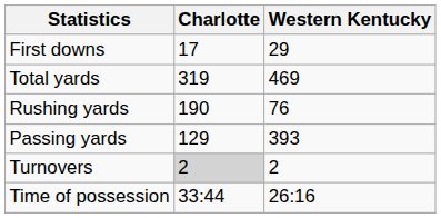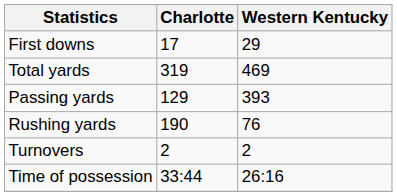 <table class="wikitable">
 <tr>
 <th>Statistics</th>
 <th>Charlotte</th>
 <th>Western Kentucky</th>
 </tr>
 <tr>
 <td>First downs</td>
 <td>17</td>
 <td>29</td>
 </tr>
 <tr>
 <td>Total yards</td>
 <td>319</td>
 <td>469</td>
 </tr>
 <tr>
+<td>Passing yards</td>
+<td>129</td>
+<td>393</td>
+</tr>
+<tr>
 <td>Rushing yards</td>
 <td>190</td>
 <td>76</td>
 </tr>
 <tr>
-<td>Passing yards</td>
-<td>129</td>
-<td>393</td>
-</tr>
-<tr>
 <td>Turnovers</td>
-<td style="background: lightgrey;">2</td>
+<td>2</td>
 <td>2</td>
 </tr>
 <tr>
 <td>Time of possession</td>
 <td>33:44</td>
 <td>26:16</td>
 </tr>
 <tr>
 </tr>
 </table>
